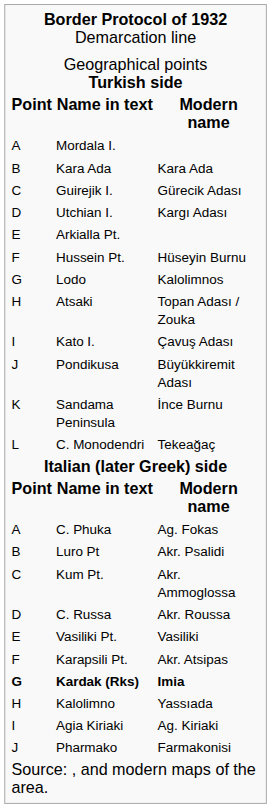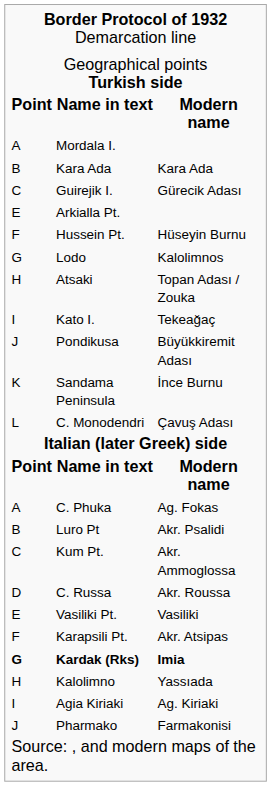 <table class="infobox" style="width:260px;cell-padding:none;">
 <tr>
 <td colspan="3" style="text-align:center;"><strong>Border Protocol of 1932</strong><br>Demarcation line</td>
 </tr>
 <tr>
 <td colspan="3"></td>
 </tr>
 <tr>
 <td colspan="3" style="text-align:center;">Geographical points <br><strong>Turkish side</strong></td>
 </tr>
 <tr>
 <th>Point</th>
 <th>Name in text</th>
 <th>Modern name</th>
 </tr>
 <tr>
 <td><small>A</small></td>
 <td><small>Mordala I.</small></td>
 <td></td>
 </tr>
 <tr>
 <td><small>B</small></td>
 <td><small>Kara Ada</small></td>
 <td><small>Kara Ada</small></td>
 </tr>
 <tr>
 <td><small>C</small></td>
 <td><small>Guirejik I.</small></td>
 <td><small>Gürecik Adası</small></td>
 </tr>
 <tr>
-<td><small>D</small></td>
-<td><small>Utchian I.</small></td>
-<td><small>Kargı Adası</small></td>
-</tr>
-<tr>
 <td><small>E</small></td>
 <td><small>Arkialla Pt.</small></td>
 <td></td>
 </tr>
 <tr>
 <td><small>F</small></td>
 <td><small>Hussein Pt.</small></td>
 <td><small>Hüseyin Burnu</small></td>
 </tr>
 <tr>
 <td><small>G</small></td>
 <td><small>Lodo</small></td>
 <td><small>Kalolimnos</small></td>
 </tr>
 <tr>
 <td><small>H</small></td>
 <td><small>Atsaki</small></td>
 <td><small>Topan Adası / Zouka</small></td>
 </tr>
 <tr>
 <td><small>I</small></td>
 <td><small>Kato I.</small></td>
-<td><small>Çavuş Adası</small></td>
+<td><small>Tekeağaç</small></td>
 </tr>
 <tr>
 <td><small>J</small></td>
 <td><small>Pondikusa</small></td>
 <td><small>Büyükkiremit Adası</small></td>
 </tr>
 <tr>
 <td><small>K</small></td>
 <td><small>Sandama Peninsula</small></td>
 <td><small>İnce Burnu</small></td>
 </tr>
 <tr>
 <td><small>L</small></td>
 <td><small>C. Monodendri</small></td>
-<td><small>Tekeağaç</small></td>
+<td><small>Çavuş Adası</small></td>
 </tr>
 <tr>
 <td colspan="3" style="text-align:center;"><strong>Italian (later Greek) side</strong></td>
 </tr>
 <tr>
 <th>Point</th>
 <th>Name in text</th>
 <th>Modern name</th>
 </tr>
 <tr>
 <td><small>A</small></td>
 <td><small>C. Phuka</small></td>
 <td><small>Ag. Fokas</small></td>
 </tr>
 <tr>
 <td><small>B</small></td>
 <td><small>Luro Pt</small></td>
 <td><small>Akr. Psalidi</small></td>
 </tr>
 <tr>
 <td><small>C</small></td>
 <td><small>Kum Pt.</small></td>
 <td><small>Akr. Ammoglossa</small></td>
 </tr>
 <tr>
 <td><small>D</small></td>
 <td><small>C. Russa </small></td>
 <td><small>Akr. Roussa </small></td>
 </tr>
 <tr>
 <td><small>E</small></td>
 <td><small>Vasiliki Pt.</small></td>
 <td><small>Vasiliki </small></td>
 </tr>
 <tr>
 <td><small>F</small></td>
 <td><small>Karapsili Pt.</small></td>
 <td><small>Akr. Atsipas</small></td>
 </tr>
 <tr>
 <td><small><strong>G</strong></small></td>
 <td><small><strong>Kardak (Rks)</strong></small></td>
 <td><small><strong>Imia</strong></small></td>
 </tr>
 <tr>
 <td><small>H</small></td>
 <td><small>Kalolimno</small></td>
 <td><small>Yassıada</small></td>
 </tr>
 <tr>
 <td><small>I</small></td>
 <td><small>Agia Kiriaki</small></td>
 <td><small>Ag. Kiriaki</small></td>
 </tr>
 <tr>
 <td><small>J</small></td>
 <td><small>Pharmako</small></td>
 <td><small>Farmakonisi</small></td>
 </tr>
 <tr>
 <td colspan="3">Source: , and modern maps of the area.</td>
 </tr>
 </table>
